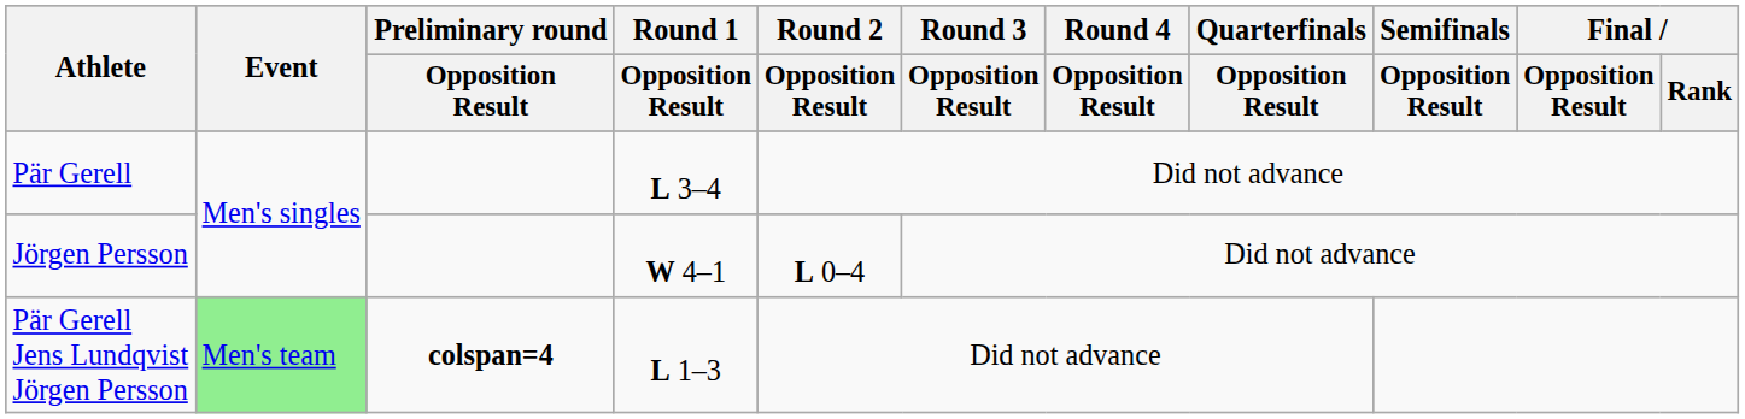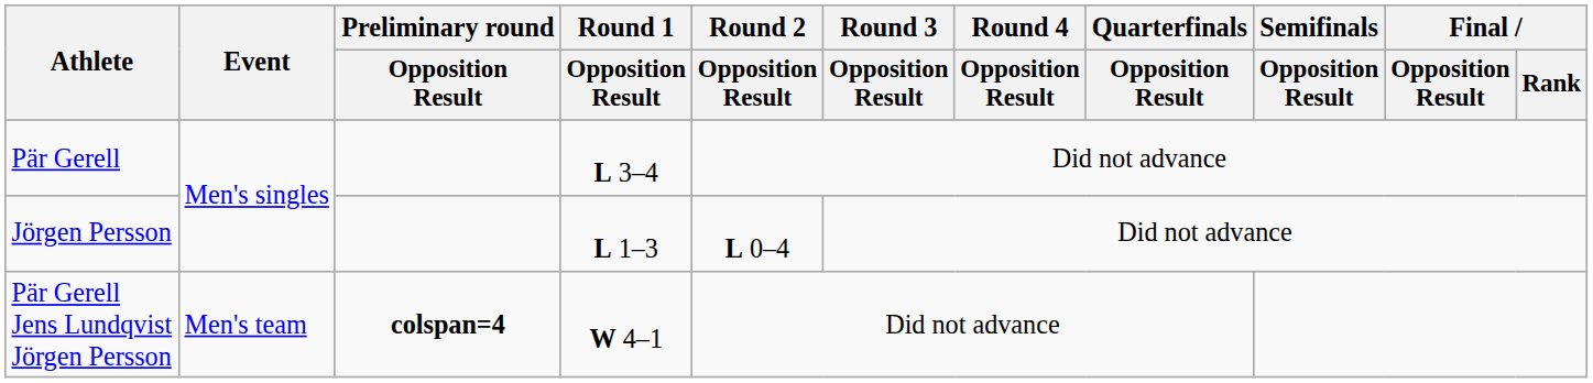 <table class="wikitable" style="font-size:90%">
 <tr>
 <th rowspan="2">Athlete</th>
 <th rowspan="2">Event</th>
 <th>Preliminary round</th>
 <th>Round 1</th>
 <th>Round 2</th>
 <th>Round 3</th>
 <th>Round 4</th>
 <th>Quarterfinals</th>
 <th>Semifinals</th>
 <th colspan=2>Final / </th>
 </tr>
 <tr style="font-size:95%">
 <th>Opposition<br>Result</th>
 <th>Opposition<br>Result</th>
 <th>Opposition<br>Result</th>
 <th>Opposition<br>Result</th>
 <th>Opposition<br>Result</th>
 <th>Opposition<br>Result</th>
 <th>Opposition<br>Result</th>
 <th>Opposition<br>Result</th>
 <th>Rank</th>
 </tr>
 <tr align=center>
 <td align=left><a href='#'>Pär Gerell</a></td>
 <td align=left rowspan=2><a href='#'>Men's singles</a></td>
 <td></td>
 <td><br><strong>L</strong> 3–4</td>
 <td colspan=7>Did not advance</td>
 </tr>
 <tr align=center>
 <td align=left><a href='#'>Jörgen Persson</a></td>
 <td></td>
-<td><br> <strong>W</strong> 4–1</td>
+<td><br><strong>L</strong> 1–3</td>
 <td><br><strong>L</strong> 0–4</td>
 <td colspan=6>Did not advance</td>
 </tr>
 <tr align=center>
 <td align=left><a href='#'>Pär Gerell</a><br><a href='#'>Jens Lundqvist</a><br><a href='#'>Jörgen Persson</a></td>
-<td align=left style="background: lightgreen;"><a href='#'>Men's team</a></td>
+<td align=left><a href='#'>Men's team</a></td>
 <td><strong>colspan=4 </strong></td>
-<td><br><strong>L</strong> 1–3</td>
+<td><br> <strong>W</strong> 4–1</td>
 <td colspan=4>Did not advance</td>
 </tr>
 </table>
